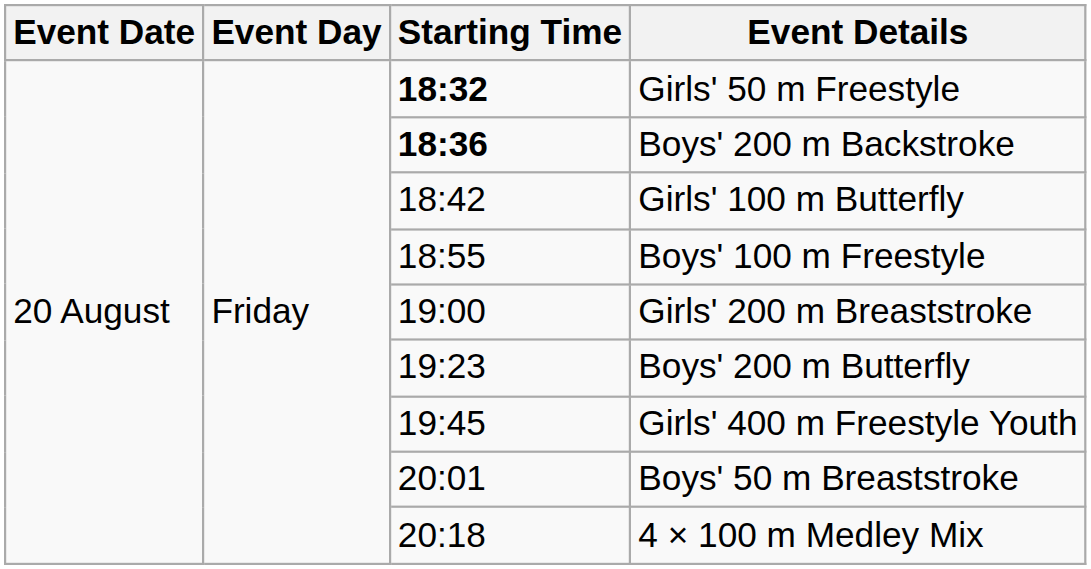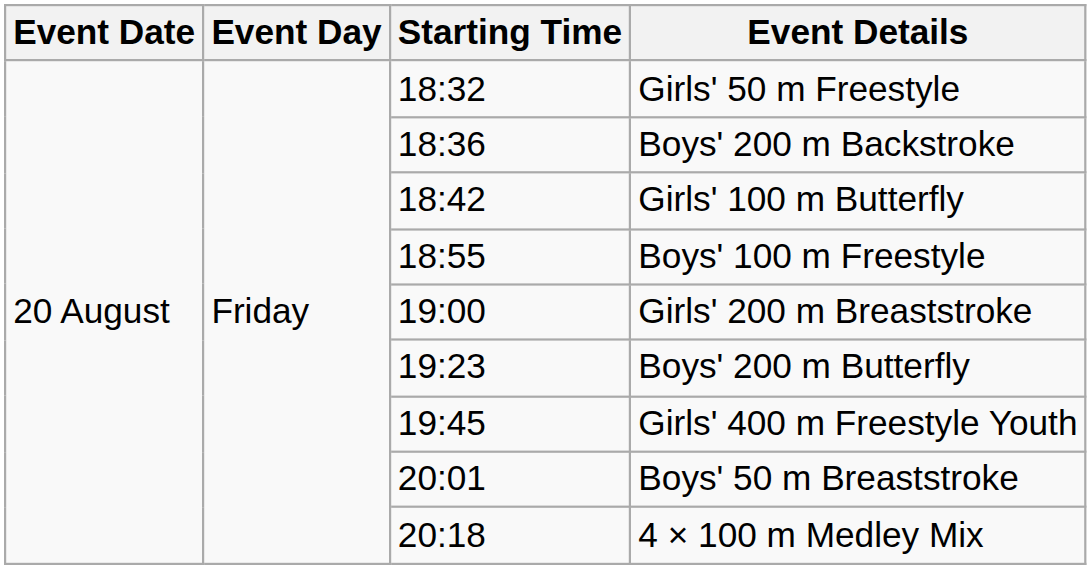 <table class="wikitable">
 <tr>
 <th>Event Date</th>
 <th>Event Day</th>
 <th>Starting Time</th>
 <th>Event Details</th>
 </tr>
 <tr>
 <td rowspan=9>20 August</td>
 <td rowspan=9>Friday</td>
-<td><strong>18:32</strong></td>
+<td>18:32</td>
 <td>Girls' 50 m Freestyle</td>
 </tr>
 <tr>
-<td><strong>18:36</strong></td>
+<td>18:36</td>
 <td>Boys' 200 m Backstroke</td>
 </tr>
 <tr>
 <td>18:42</td>
 <td>Girls' 100 m Butterfly</td>
 </tr>
 <tr>
 <td>18:55</td>
 <td>Boys' 100 m Freestyle</td>
 </tr>
 <tr>
 <td>19:00</td>
 <td>Girls' 200 m Breaststroke</td>
 </tr>
 <tr>
 <td>19:23</td>
 <td>Boys' 200 m Butterfly</td>
 </tr>
 <tr>
 <td>19:45</td>
 <td>Girls' 400 m Freestyle Youth</td>
 </tr>
 <tr>
 <td>20:01</td>
 <td>Boys' 50 m Breaststroke</td>
 </tr>
 <tr>
 <td>20:18</td>
 <td>4 × 100 m Medley Mix</td>
 </tr>
 </table>
